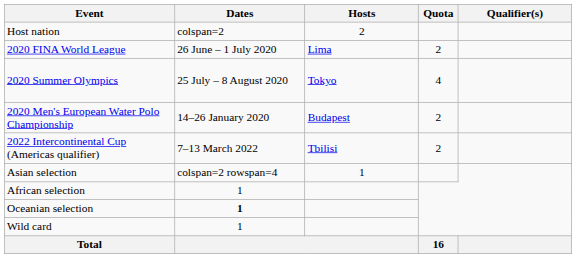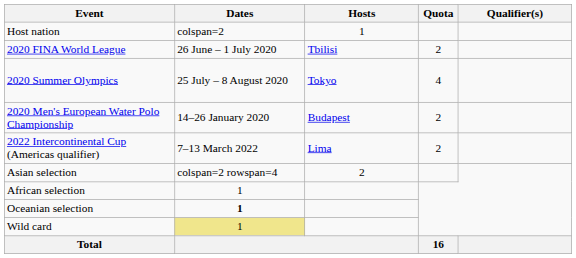 <table class="wikitable" style="width: 800px;">
 <tr>
 <th style="width: 30%;">Event</th>
 <th style-"width: 23%;">Dates</th>
 <th style="width: 20%;">Hosts</th>
 <th style="width: 7%;">Quota</th>
 <th style="width: 20%;">Qualifier(s)</th>
 </tr>
 <tr>
 <td>Host nation</td>
 <td>colspan=2 </td>
-<td align="center">2</td>
+<td align="center">1</td>
 <td></td>
 </tr>
 <tr>
 <td><a href='#'>2020 FINA World League</a></td>
 <td>26 June – 1 July 2020</td>
-<td> <a href='#'>Lima</a></td>
+<td> <a href='#'>Tbilisi</a></td>
 <td align="center">2</td>
 <td><br></td>
 </tr>
 <tr>
 <td><a href='#'>2020 Summer Olympics</a></td>
 <td>25 July – 8 August 2020</td>
 <td> <a href='#'>Tokyo</a></td>
 <td align="center">4</td>
 <td><br><br><br></td>
 </tr>
 <tr>
 <td><a href='#'>2020 Men's European Water Polo Championship</a></td>
 <td>14–26 January 2020</td>
 <td> <a href='#'>Budapest</a></td>
 <td align="center">2</td>
 <td><br><s></s><br></td>
 </tr>
 <tr>
 <td><a href='#'>2022 Intercontinental Cup</a><br>(Americas qualifier)</td>
 <td>7–13 March 2022</td>
-<td> <a href='#'>Tbilisi</a></td>
+<td> <a href='#'>Lima</a></td>
 <td align="center">2</td>
 <td><br></td>
 </tr>
 <tr>
 <td>Asian selection</td>
 <td>colspan=2 rowspan=4 </td>
-<td align="center">1</td>
+<td align="center">2</td>
 <td><br></td>
 </tr>
 <tr>
 <td>African selection</td>
 <td align="center">1</td>
 <td></td>
 </tr>
 <tr>
 <td>Oceanian selection</td>
 <td align="center"><strong>1</strong></td>
 <td></td>
 </tr>
 <tr>
 <td>Wild card</td>
-<td align="center">1</td>
+<td align="center" style="background: khaki;">1</td>
 <td></td>
 </tr>
 <tr>
 <th>Total</th>
 <th colspan="2"></th>
 <th>16</th>
 <th></th>
 </tr>
 </table>
